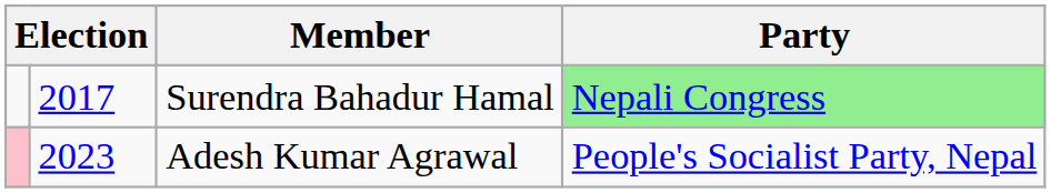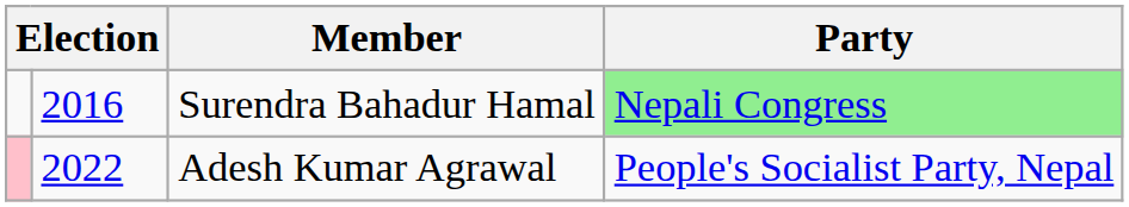 <table class="wikitable">
 <tr>
 <th colspan="2">Election</th>
 <th>Member</th>
 <th>Party</th>
 </tr>
 <tr>
 <td style="background-color:"></td>
-<td><a href='#'>2017</a></td>
+<td><a href='#'>2016</a></td>
 <td>Surendra Bahadur Hamal</td>
 <td style="background: lightgreen;"><a href='#'>Nepali Congress</a></td>
 </tr>
 <tr>
 <td rowspan="3" style="background-color:pink"></td>
-<td><a href='#'>2023</a></td>
+<td><a href='#'>2022</a></td>
 <td>Adesh Kumar Agrawal</td>
 <td><a href='#'>People's Socialist Party, Nepal</a></td>
 </tr>
 </table>
